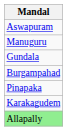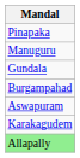 <table class="wikitable sortable static-row-numbers static-row-header-hash">
 <tr>
 <th>Mandal</th>
 </tr>
 <tr>
-<td><a href='#'>Aswapuram</a></td>
+<td><a href='#'>Pinapaka</a></td>
 </tr>
 <tr>
 <td><a href='#'>Manuguru</a></td>
 </tr>
 <tr>
 <td><a href='#'>Gundala</a></td>
 </tr>
 <tr>
 <td><a href='#'>Burgampahad</a></td>
 </tr>
 <tr>
-<td><a href='#'>Pinapaka</a></td>
+<td><a href='#'>Aswapuram</a></td>
 </tr>
 <tr>
 <td><a href='#'>Karakagudem</a></td>
 </tr>
 <tr>
 <td style="background: lightgreen;">Allapally</td>
 </tr>
 </table>
